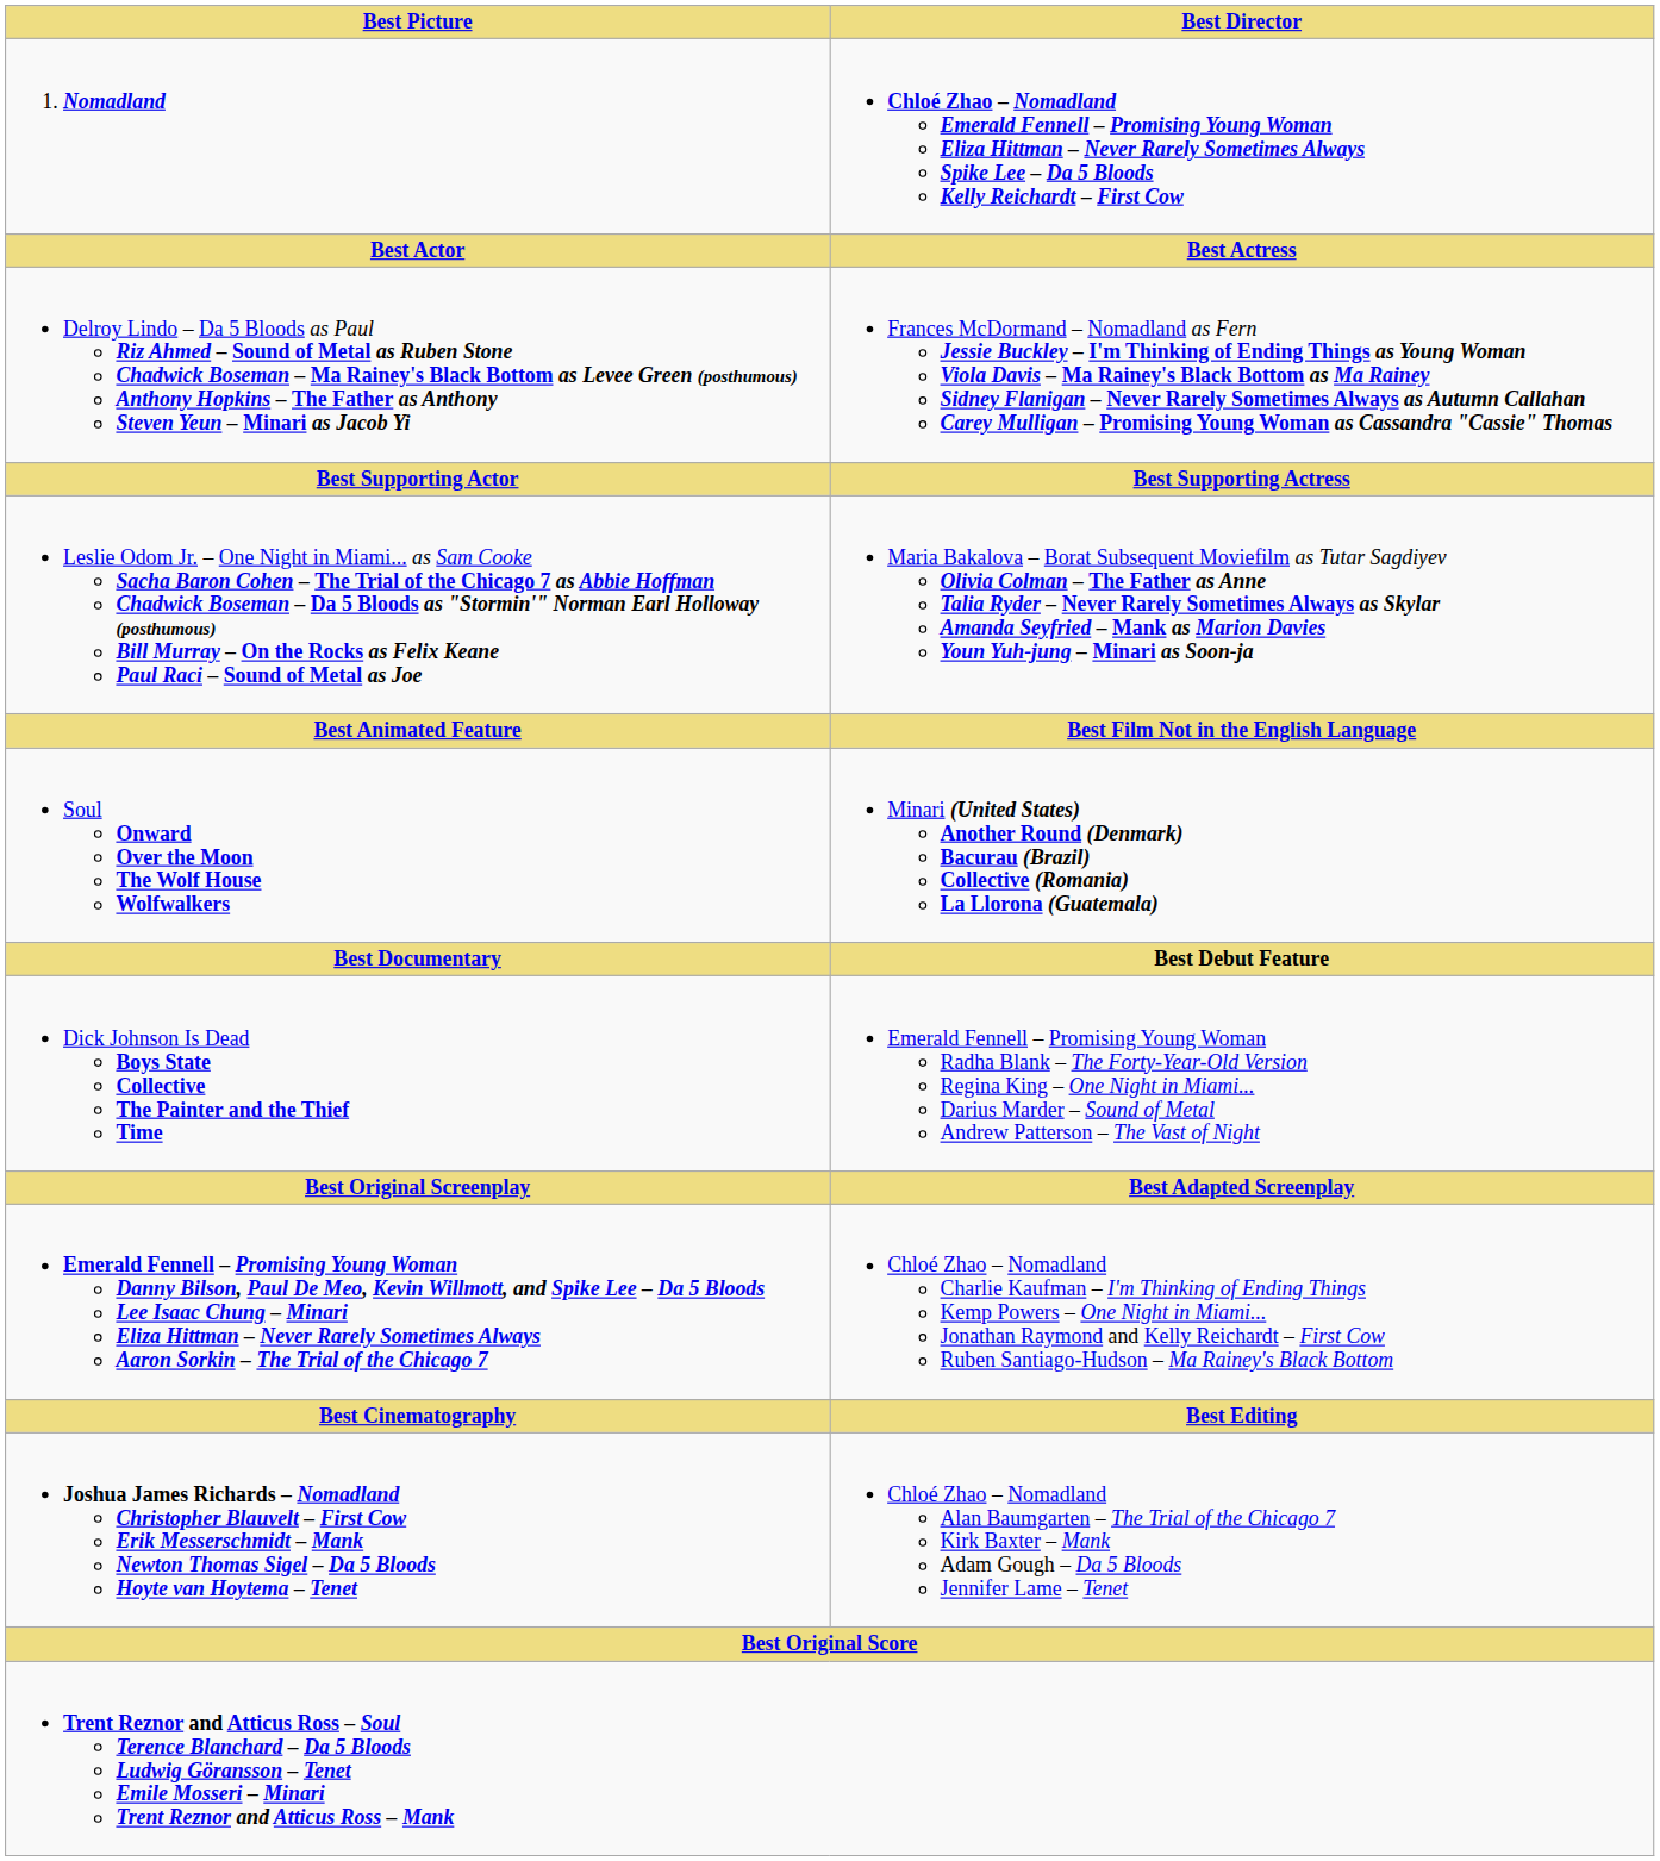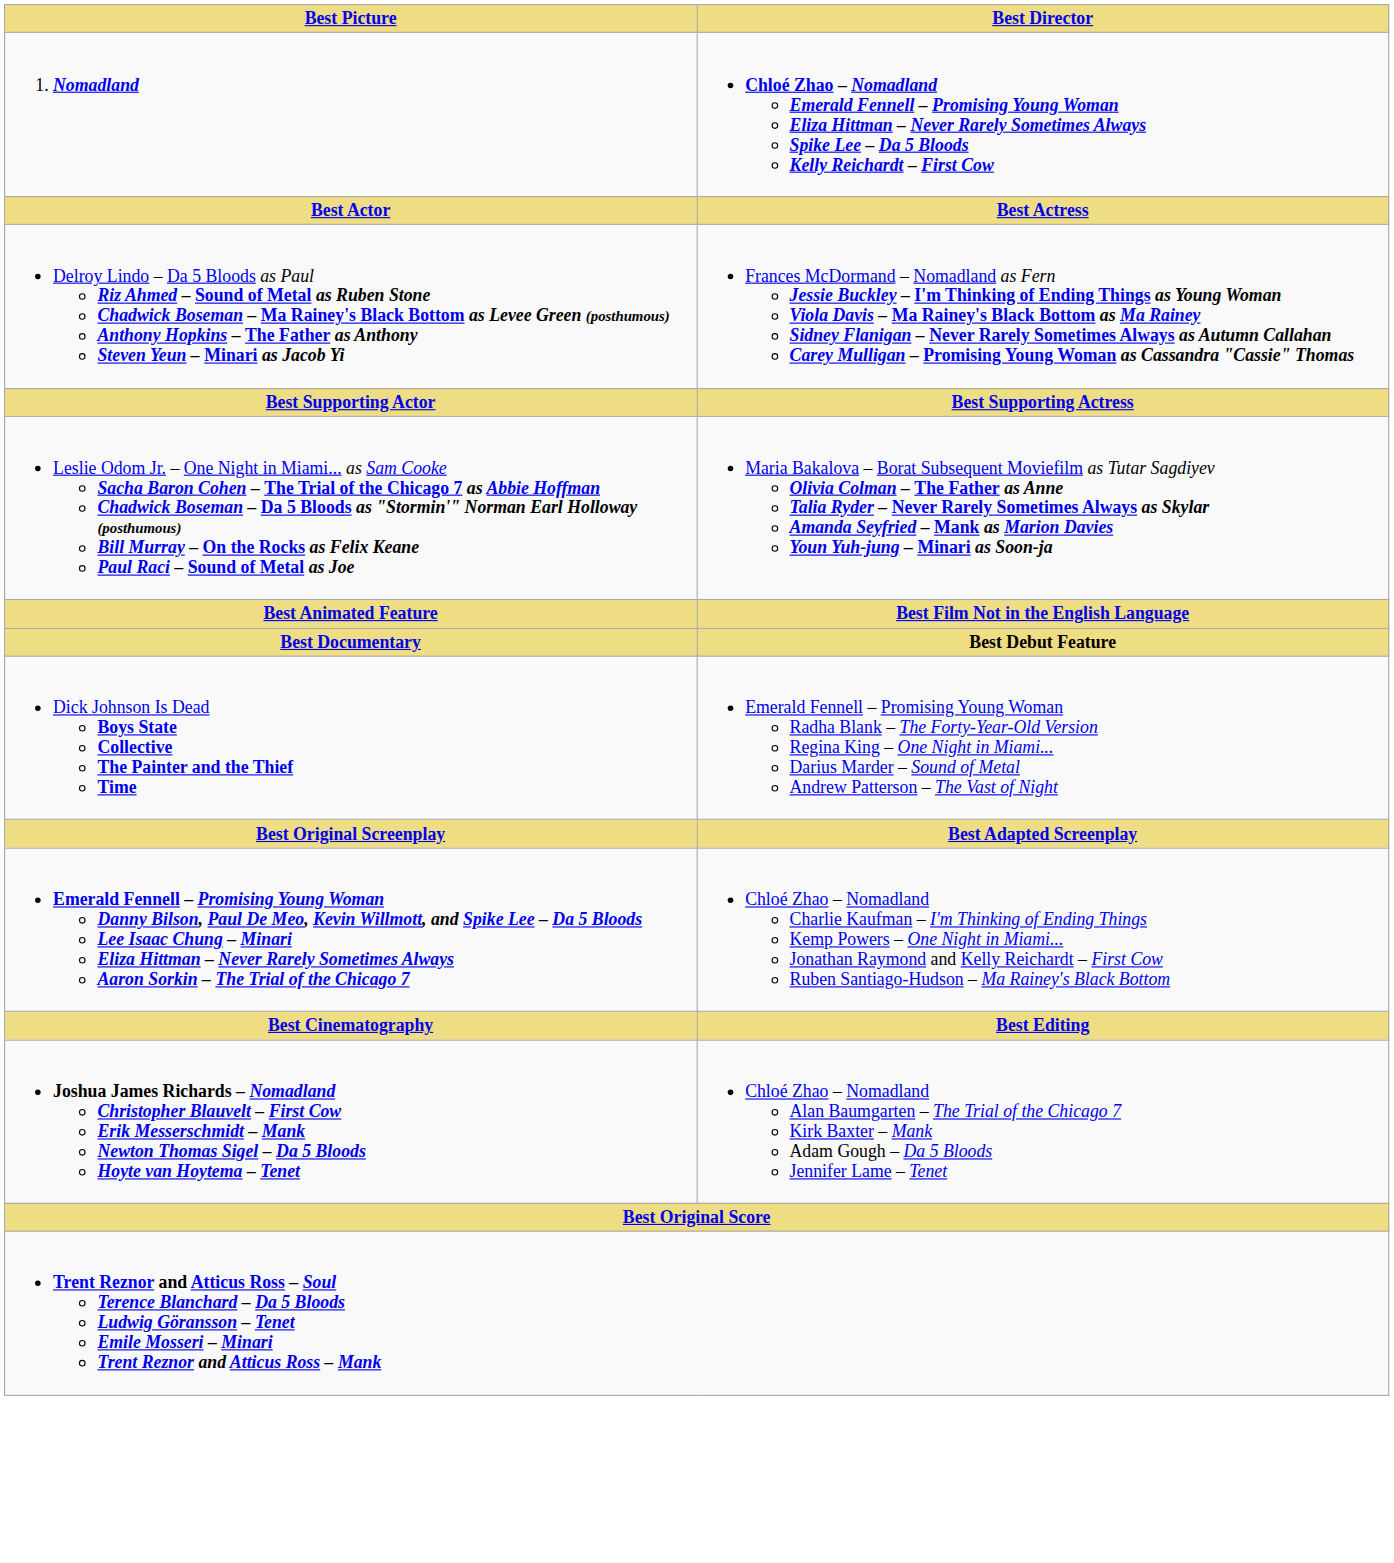 <table class="wikitable">
 <tr>
 <th style="background:#EEDD82; width: 50%"><a href='#'>Best Picture</a></th>
 <th style="background:#EEDD82; width: 50%"><a href='#'>Best Director</a></th>
 </tr>
 <tr>
 <td valign="top"><br><ol><li><strong><em><a href='#'>Nomadland</a></em></strong></li></ol></td>
 <td valign="top"><br><ul><li><strong><a href='#'>Chloé Zhao</a> – <em><a href='#'>Nomadland</a><strong><em><ul><li><a href='#'>Emerald Fennell</a> – </em><a href='#'>Promising Young Woman</a><em></li><li><a href='#'>Eliza Hittman</a> – </em><a href='#'>Never Rarely Sometimes Always</a><em></li><li><a href='#'>Spike Lee</a> – </em><a href='#'>Da 5 Bloods</a><em></li><li><a href='#'>Kelly Reichardt</a> – </em><a href='#'>First Cow</a><em></li></ul></li></ul></td>
 </tr>
 <tr>
 <th style="background:#EEDD82; width: 50%"><a href='#'>Best Actor</a></th>
 <th style="background:#EEDD82; width: 50%"><a href='#'>Best Actress</a></th>
 </tr>
 <tr>
 <td valign="top"><br><ul><li></strong><a href='#'>Delroy Lindo</a> – </em><a href='#'>Da 5 Bloods</a><em> as Paul<strong><ul><li><a href='#'>Riz Ahmed</a> – </em><a href='#'>Sound of Metal</a><em> as Ruben Stone</li><li><a href='#'>Chadwick Boseman</a> – </em><a href='#'>Ma Rainey's Black Bottom</a><em> as Levee Green <small>(posthumous)</small></li><li><a href='#'>Anthony Hopkins</a> – </em><a href='#'>The Father</a><em> as Anthony</li><li><a href='#'>Steven Yeun</a> – </em><a href='#'>Minari</a><em> as Jacob Yi</li></ul></li></ul></td>
 <td valign="top"><br><ul><li></strong><a href='#'>Frances McDormand</a> – </em><a href='#'>Nomadland</a><em> as Fern<strong><ul><li><a href='#'>Jessie Buckley</a> – </em><a href='#'>I'm Thinking of Ending Things</a><em> as Young Woman</li><li><a href='#'>Viola Davis</a> – </em><a href='#'>Ma Rainey's Black Bottom</a><em> as <a href='#'>Ma Rainey</a></li><li><a href='#'>Sidney Flanigan</a> – </em><a href='#'>Never Rarely Sometimes Always</a><em> as Autumn Callahan</li><li><a href='#'>Carey Mulligan</a> – </em><a href='#'>Promising Young Woman</a><em> as Cassandra "Cassie" Thomas</li></ul></li></ul></td>
 </tr>
 <tr>
 <th style="background:#EEDD82; width: 50%"><a href='#'>Best Supporting Actor</a></th>
 <th style="background:#EEDD82; width: 50%"><a href='#'>Best Supporting Actress</a></th>
 </tr>
 <tr>
 <td valign="top"><br><ul><li></strong><a href='#'>Leslie Odom Jr.</a> – </em><a href='#'>One Night in Miami...</a><em> as <a href='#'>Sam Cooke</a><strong><ul><li><a href='#'>Sacha Baron Cohen</a> – </em><a href='#'>The Trial of the Chicago 7</a><em> as <a href='#'>Abbie Hoffman</a></li><li><a href='#'>Chadwick Boseman</a> – </em><a href='#'>Da 5 Bloods</a><em> as "Stormin'" Norman Earl Holloway <small>(posthumous)</small></li><li><a href='#'>Bill Murray</a> – </em><a href='#'>On the Rocks</a><em> as Felix Keane</li><li><a href='#'>Paul Raci</a> – </em><a href='#'>Sound of Metal</a><em> as Joe</li></ul></li></ul></td>
 <td valign="top"><br><ul><li></strong><a href='#'>Maria Bakalova</a> – </em><a href='#'>Borat Subsequent Moviefilm</a><em> as Tutar Sagdiyev<strong><ul><li><a href='#'>Olivia Colman</a> – </em><a href='#'>The Father</a><em> as Anne</li><li><a href='#'>Talia Ryder</a> – </em><a href='#'>Never Rarely Sometimes Always</a><em> as Skylar</li><li><a href='#'>Amanda Seyfried</a> – </em><a href='#'>Mank</a><em> as <a href='#'>Marion Davies</a></li><li><a href='#'>Youn Yuh-jung</a> – </em><a href='#'>Minari</a><em> as Soon-ja</li></ul></li></ul></td>
 </tr>
 <tr>
 <th style="background:#EEDD82; width: 50%"><a href='#'>Best Animated Feature</a></th>
 <th style="background:#EEDD82; width: 50%"><a href='#'>Best Film Not in the English Language</a></th>
-</tr>
-<tr>
-<td valign="top"><br><ul><li></em></strong><a href='#'>Soul</a><strong><em><ul><li></em><a href='#'>Onward</a><em></li><li></em><a href='#'>Over the Moon</a><em></li><li></em><a href='#'>The Wolf House</a><em></li><li></em><a href='#'>Wolfwalkers</a><em></li></ul></li></ul></td>
-<td valign="top"><br><ul><li></em></strong><a href='#'>Minari</a><strong><em> (United States)<ul><li></em><a href='#'>Another Round</a><em> (Denmark)</li><li></em><a href='#'>Bacurau</a><em> (Brazil)</li><li></em><a href='#'>Collective</a><em> (Romania)</li><li></em><a href='#'>La Llorona</a><em> (Guatemala)</li></ul></li></ul></td>
 </tr>
 <tr>
 <th style="background:#EEDD82; width: 50%"><a href='#'>Best Documentary</a></th>
 <th style="background:#EEDD82; width: 50%">Best Debut Feature</th>
 </tr>
 <tr>
 <td valign="top"><br><ul><li></em></strong><a href='#'>Dick Johnson Is Dead</a><strong><em><ul><li></em><a href='#'>Boys State</a><em></li><li></em><a href='#'>Collective</a><em></li><li></em><a href='#'>The Painter and the Thief</a><em></li><li></em><a href='#'>Time</a><em></li></ul></li></ul></td>
 <td valign="top"><br><ul><li></strong><a href='#'>Emerald Fennell</a> – </em><a href='#'>Promising Young Woman</a></em></strong><ul><li><a href='#'>Radha Blank</a> – <em><a href='#'>The Forty-Year-Old Version</a></em></li><li><a href='#'>Regina King</a> – <em><a href='#'>One Night in Miami...</a></em></li><li><a href='#'>Darius Marder</a> – <em><a href='#'>Sound of Metal</a></em></li><li><a href='#'>Andrew Patterson</a> – <em><a href='#'>The Vast of Night</a></em></li></ul></li></ul></td>
 </tr>
 <tr>
 <th style="background:#EEDD82; width: 50%"><a href='#'>Best Original Screenplay</a></th>
 <th style="background:#EEDD82; width: 50%"><a href='#'>Best Adapted Screenplay</a></th>
 </tr>
 <tr>
 <td valign="top"><br><ul><li><strong><a href='#'>Emerald Fennell</a> – <em><a href='#'>Promising Young Woman</a><strong><em><ul><li><a href='#'>Danny Bilson</a>, <a href='#'>Paul De Meo</a>, <a href='#'>Kevin Willmott</a>, and <a href='#'>Spike Lee</a> – </em><a href='#'>Da 5 Bloods</a><em></li><li><a href='#'>Lee Isaac Chung</a> – </em><a href='#'>Minari</a><em></li><li><a href='#'>Eliza Hittman</a> – </em><a href='#'>Never Rarely Sometimes Always</a><em></li><li><a href='#'>Aaron Sorkin</a> – </em><a href='#'>The Trial of the Chicago 7</a><em></li></ul></li></ul></td>
 <td valign="top"><br><ul><li></strong><a href='#'>Chloé Zhao</a> – </em><a href='#'>Nomadland</a></em></strong><ul><li><a href='#'>Charlie Kaufman</a> – <em><a href='#'>I'm Thinking of Ending Things</a></em></li><li><a href='#'>Kemp Powers</a> – <em><a href='#'>One Night in Miami...</a></em></li><li><a href='#'>Jonathan Raymond</a> and <a href='#'>Kelly Reichardt</a> – <em><a href='#'>First Cow</a></em></li><li><a href='#'>Ruben Santiago-Hudson</a> – <em><a href='#'>Ma Rainey's Black Bottom</a></em></li></ul></li></ul></td>
 </tr>
 <tr>
 <th style="background:#EEDD82; width: 50%"><a href='#'>Best Cinematography</a></th>
 <th style="background:#EEDD82; width: 50%"><a href='#'>Best Editing</a></th>
 </tr>
 <tr>
 <td valign="top"><br><ul><li><strong>Joshua James Richards – <em><a href='#'>Nomadland</a><strong><em><ul><li><a href='#'>Christopher Blauvelt</a> – </em><a href='#'>First Cow</a><em></li><li><a href='#'>Erik Messerschmidt</a> – </em><a href='#'>Mank</a><em></li><li><a href='#'>Newton Thomas Sigel</a> – </em><a href='#'>Da 5 Bloods</a><em></li><li><a href='#'>Hoyte van Hoytema</a> – </em><a href='#'>Tenet</a><em></li></ul></li></ul></td>
 <td valign="top"><br><ul><li></strong><a href='#'>Chloé Zhao</a> – </em><a href='#'>Nomadland</a></em></strong><ul><li><a href='#'>Alan Baumgarten</a> – <em><a href='#'>The Trial of the Chicago 7</a></em></li><li><a href='#'>Kirk Baxter</a> – <em><a href='#'>Mank</a></em></li><li>Adam Gough – <em><a href='#'>Da 5 Bloods</a></em></li><li><a href='#'>Jennifer Lame</a> – <em><a href='#'>Tenet</a></em></li></ul></li></ul></td>
 </tr>
 <tr>
 <th colspan="2" style="background:#EEDD82; width: 50%"><a href='#'>Best Original Score</a></th>
 </tr>
 <tr>
 <td colspan="2" valign="top"><br><ul><li><strong><a href='#'>Trent Reznor</a> and <a href='#'>Atticus Ross</a> – <em><a href='#'>Soul</a><strong><em><ul><li><a href='#'>Terence Blanchard</a> – </em><a href='#'>Da 5 Bloods</a><em></li><li><a href='#'>Ludwig Göransson</a> – </em><a href='#'>Tenet</a><em></li><li><a href='#'>Emile Mosseri</a> – </em><a href='#'>Minari</a><em></li><li><a href='#'>Trent Reznor</a> and <a href='#'>Atticus Ross</a> – </em><a href='#'>Mank</a><em></li></ul></li></ul></td>
 </tr>
 </table>
